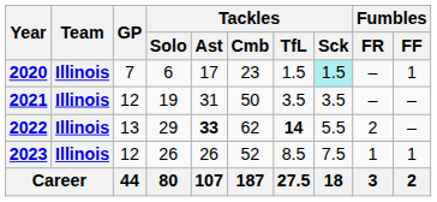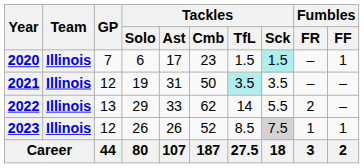 <table class="wikitable" style="text-align: center;">
 <tr>
 <th rowspan="2">Year</th>
 <th rowspan="2">Team</th>
 <th rowspan="2">GP</th>
 <th colspan="5">Tackles</th>
 <th colspan="2">Fumbles</th>
 </tr>
 <tr>
 <th>Solo</th>
 <th>Ast</th>
 <th>Cmb</th>
 <th>TfL</th>
 <th>Sck</th>
 <th>FR</th>
 <th>FF</th>
 </tr>
 <tr>
 <th><a href='#'>2020</a></th>
 <th><a href='#'>Illinois</a></th>
 <td>7</td>
 <td>6</td>
 <td>17</td>
 <td>23</td>
 <td>1.5</td>
 <td style="background: paleturquoise;">1.5</td>
 <td>–</td>
 <td>1</td>
 </tr>
 <tr>
 <th><a href='#'>2021</a></th>
 <th><a href='#'>Illinois</a></th>
 <td>12</td>
 <td>19</td>
 <td>31</td>
 <td>50</td>
-<td>3.5</td>
+<td style="background: paleturquoise;">3.5</td>
 <td>3.5</td>
 <td>–</td>
 <td>–</td>
 </tr>
 <tr>
 <th><a href='#'>2022</a></th>
 <th><a href='#'>Illinois</a></th>
 <td>13</td>
 <td>29</td>
-<td><strong>33</strong></td>
+<td>33</td>
 <td>62</td>
-<td><strong>14</strong></td>
+<td>14</td>
 <td>5.5</td>
 <td>2</td>
 <td>–</td>
 </tr>
 <tr>
 <th><a href='#'>2023</a></th>
 <th><a href='#'>Illinois</a></th>
 <td>12</td>
 <td>26</td>
 <td>26</td>
 <td>52</td>
 <td>8.5</td>
-<td>7.5</td>
+<td style="background: lightgrey;">7.5</td>
 <td>1</td>
 <td>1</td>
 </tr>
 <tr>
 <th colspan="2">Career</th>
 <th>44</th>
 <th>80</th>
 <th>107</th>
 <th>187</th>
 <th>27.5</th>
 <th>18</th>
 <th>3</th>
 <th>2</th>
 </tr>
 </table>
